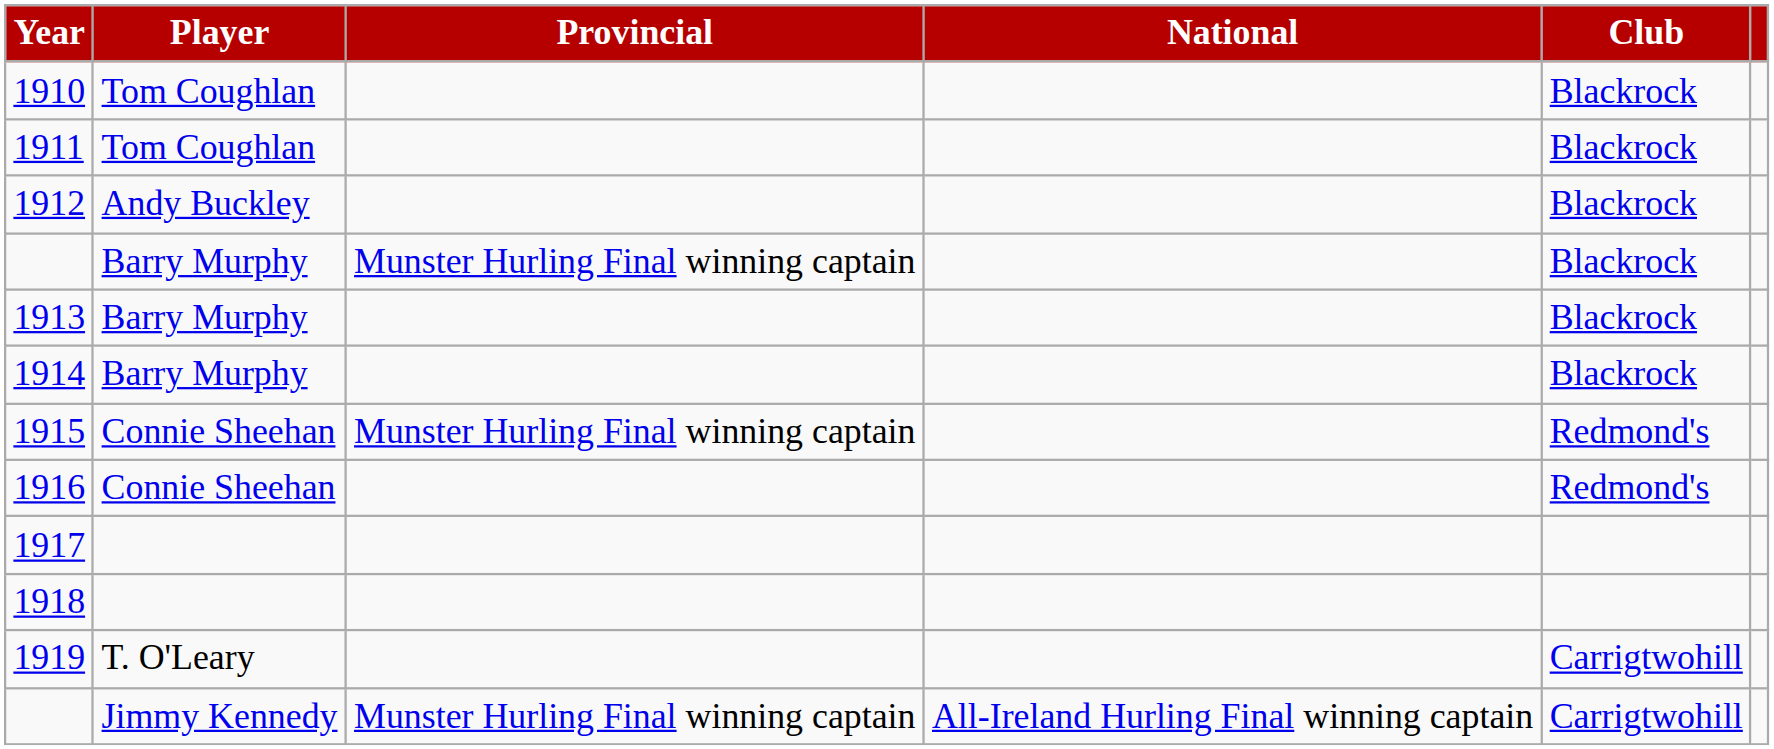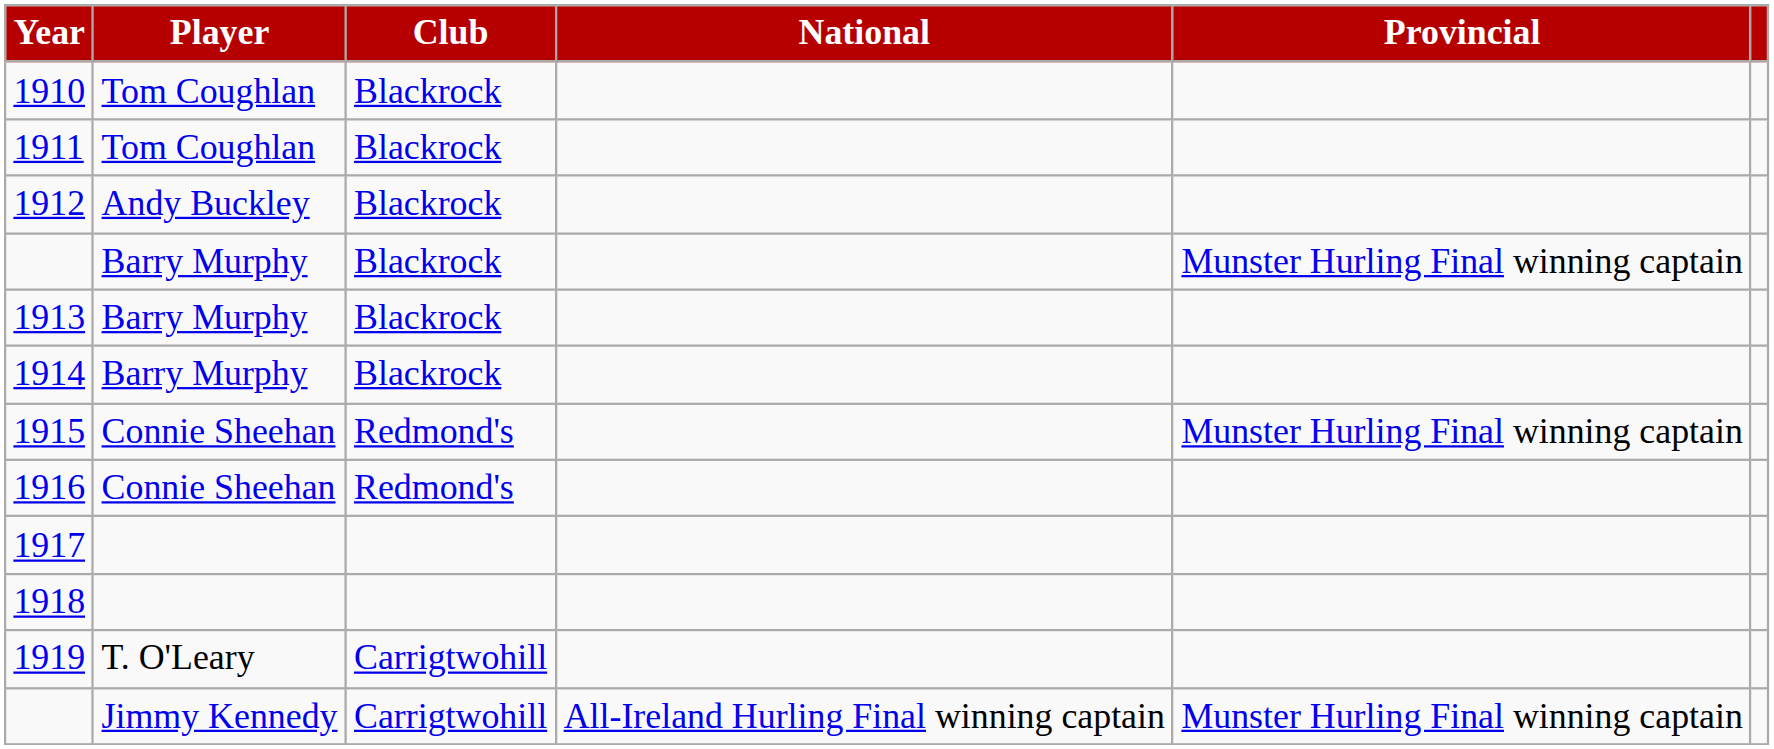 <table class="wikitable">
 <tr style="text-align:center;background:#B60000;color:white">
 <td><strong>Year</strong></td>
 <td><strong>Player</strong></td>
+<td><strong>Club</strong></td>
+<td><strong>National</strong></td>
 <td><strong>Provincial</strong></td>
-<td><strong>National</strong></td>
-<td><strong>Club</strong></td>
 <td></td>
 </tr>
 <tr>
 <td style="text-align:left;"><a href='#'>1910</a></td>
 <td style="text-align:left;"><a href='#'>Tom Coughlan</a></td>
+<td style="text-align:left;"><a href='#'>Blackrock</a></td>
 <td></td>
 <td></td>
-<td style="text-align:left;"><a href='#'>Blackrock</a></td>
 <td></td>
 </tr>
 <tr>
 <td style="text-align:left;"><a href='#'>1911</a></td>
 <td style="text-align:left;"><a href='#'>Tom Coughlan</a></td>
+<td style="text-align:left;"><a href='#'>Blackrock</a></td>
 <td></td>
 <td></td>
-<td style="text-align:left;"><a href='#'>Blackrock</a></td>
 <td></td>
 </tr>
 <tr>
 <td style="text-align:left;"><a href='#'>1912</a></td>
 <td style="text-align:left;"><a href='#'>Andy Buckley</a></td>
+<td style="text-align:left;"><a href='#'>Blackrock</a></td>
 <td></td>
 <td></td>
-<td style="text-align:left;"><a href='#'>Blackrock</a></td>
 <td></td>
 </tr>
 <tr>
 <td></td>
 <td style="text-align:left;"><a href='#'>Barry Murphy</a></td>
+<td style="text-align:left;"><a href='#'>Blackrock</a></td>
+<td></td>
 <td><a href='#'>Munster Hurling Final</a> winning captain</td>
-<td></td>
-<td style="text-align:left;"><a href='#'>Blackrock</a></td>
 <td></td>
 </tr>
 <tr>
 <td style="text-align:left;"><a href='#'>1913</a></td>
 <td style="text-align:left;"><a href='#'>Barry Murphy</a></td>
+<td style="text-align:left;"><a href='#'>Blackrock</a></td>
 <td></td>
 <td></td>
-<td style="text-align:left;"><a href='#'>Blackrock</a></td>
 <td></td>
 </tr>
 <tr>
 <td style="text-align:left;"><a href='#'>1914</a></td>
 <td style="text-align:left;"><a href='#'>Barry Murphy</a></td>
+<td style="text-align:left;"><a href='#'>Blackrock</a></td>
 <td></td>
 <td></td>
-<td style="text-align:left;"><a href='#'>Blackrock</a></td>
 <td></td>
 </tr>
 <tr>
 <td style="text-align:left;"><a href='#'>1915</a></td>
 <td style="text-align:left;"><a href='#'>Connie Sheehan</a></td>
+<td style="text-align:left;"><a href='#'>Redmond's</a></td>
+<td></td>
 <td style="text-align:left;"><a href='#'>Munster Hurling Final</a> winning captain</td>
-<td></td>
-<td style="text-align:left;"><a href='#'>Redmond's</a></td>
 <td></td>
 </tr>
 <tr>
 <td style="text-align:left;"><a href='#'>1916</a></td>
 <td style="text-align:left;"><a href='#'>Connie Sheehan</a></td>
+<td style="text-align:left;"><a href='#'>Redmond's</a></td>
 <td></td>
 <td></td>
-<td style="text-align:left;"><a href='#'>Redmond's</a></td>
 <td></td>
 </tr>
 <tr>
 <td style="text-align:left;"><a href='#'>1917</a></td>
 <td></td>
 <td></td>
 <td></td>
 <td></td>
 <td></td>
 </tr>
 <tr>
 <td style="text-align:left;"><a href='#'>1918</a></td>
 <td></td>
 <td></td>
 <td></td>
 <td></td>
 <td></td>
 </tr>
 <tr>
 <td style="text-align:left;"><a href='#'>1919</a></td>
 <td style="text-align:left;">T. O'Leary</td>
+<td style="text-align:left;"><a href='#'>Carrigtwohill</a></td>
 <td></td>
 <td></td>
-<td style="text-align:left;"><a href='#'>Carrigtwohill</a></td>
 <td></td>
 </tr>
 <tr>
 <td></td>
 <td style="text-align:left;"><a href='#'>Jimmy Kennedy</a></td>
+<td style="text-align:left;"><a href='#'>Carrigtwohill</a></td>
+<td style="text-align:left;"><a href='#'>All-Ireland Hurling Final</a> winning captain</td>
 <td style="text-align:left;"><a href='#'>Munster Hurling Final</a> winning captain</td>
-<td style="text-align:left;"><a href='#'>All-Ireland Hurling Final</a> winning captain</td>
-<td style="text-align:left;"><a href='#'>Carrigtwohill</a></td>
 <td></td>
 </tr>
 </table>
